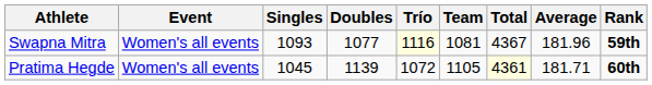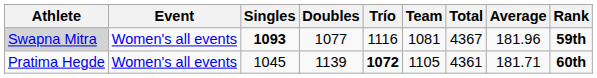 <table class="wikitable" border="1" style="font-size:90%">
 <tr>
 <th>Athlete</th>
 <th>Event</th>
 <th>Singles</th>
 <th>Doubles</th>
 <th>Trío</th>
 <th>Team</th>
 <th>Total</th>
 <th>Average</th>
 <th>Rank</th>
 </tr>
 <tr>
-<td><a href='#'>Swapna Mitra</a></td>
+<td style="background: lightgrey;"><a href='#'>Swapna Mitra</a></td>
 <td><a href='#'>Women's all events</a></td>
-<td align=center>1093</td>
+<td align=center><strong>1093</strong></td>
 <td align=center>1077</td>
-<td align=center style="background: lightyellow;">1116</td>
+<td align=center>1116</td>
 <td align=center>1081</td>
 <td align=center>4367</td>
 <td align=center>181.96</td>
 <td align=center><strong>59th</strong></td>
 </tr>
 <tr>
 <td><a href='#'>Pratima Hegde</a></td>
 <td><a href='#'>Women's all events</a></td>
 <td align=center>1045</td>
 <td align=center>1139</td>
-<td align=center>1072</td>
+<td align=center><strong>1072</strong></td>
 <td align=center>1105</td>
-<td align=center style="background: lightyellow;">4361</td>
+<td align=center>4361</td>
 <td align=center>181.71</td>
 <td align=center><strong>60th</strong></td>
 </tr>
 </table>
